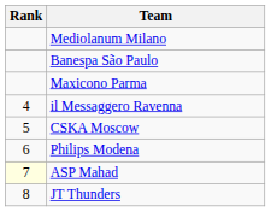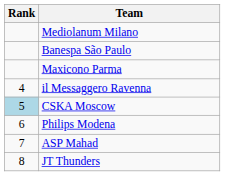 <table class="wikitable" style="text-align:center;">
 <tr>
 <th width=40>Rank</th>
 <th width=240>Team</th>
 </tr>
 <tr>
 <td></td>
 <td style="text-align:left;"> <a href='#'>Mediolanum Milano</a></td>
 </tr>
 <tr>
 <td></td>
 <td style="text-align:left;"> <a href='#'>Banespa São Paulo</a></td>
 </tr>
 <tr>
 <td></td>
 <td style="text-align:left;"> <a href='#'>Maxicono Parma</a></td>
 </tr>
 <tr>
 <td>4</td>
 <td style="text-align:left;"> <a href='#'>il Messaggero Ravenna</a></td>
 </tr>
 <tr>
-<td>5</td>
+<td style="background: lightblue;">5</td>
 <td style="text-align:left;"> <a href='#'>CSKA Moscow</a></td>
 </tr>
 <tr>
 <td>6</td>
 <td style="text-align:left;"> <a href='#'>Philips Modena</a></td>
 </tr>
 <tr>
-<td style="background: lightyellow;">7</td>
+<td>7</td>
 <td style="text-align:left;"> <a href='#'>ASP Mahad</a></td>
 </tr>
 <tr>
 <td>8</td>
 <td style="text-align:left;"> <a href='#'>JT Thunders</a></td>
 </tr>
 </table>
